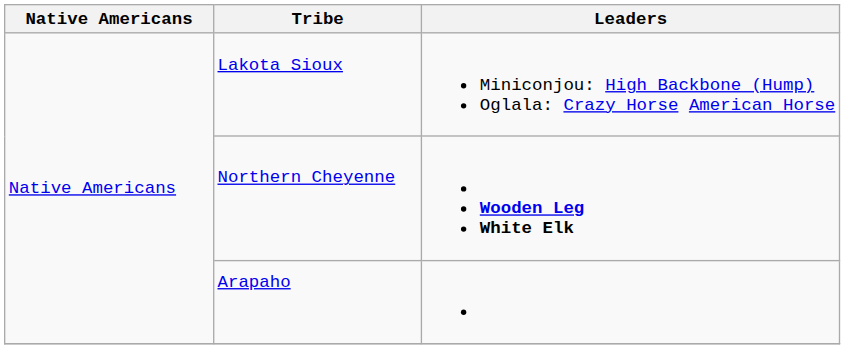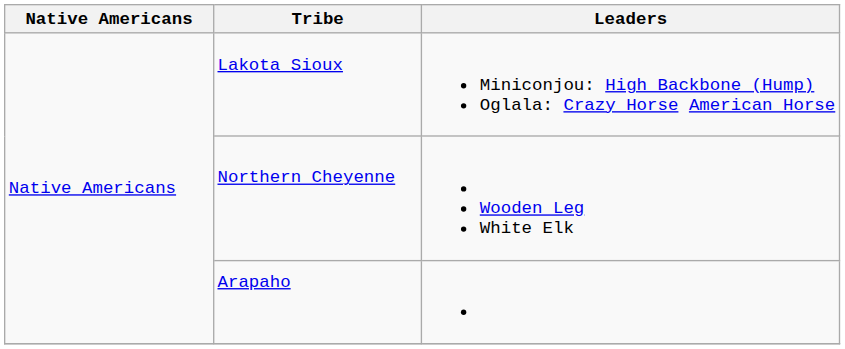 <table class="wikitable">
 <tr>
 <th width=25%>Native Americans</th>
 <th width=25%>Tribe</th>
 <th>Leaders</th>
 </tr>
 <tr>
 <td rowspan=3><br><a href='#'>Native Americans</a><br>    </td>
 <td><a href='#'>Lakota Sioux</a><br><br>  </td>
 <td><br><ul><li>Miniconjou: <a href='#'>High Backbone (Hump)</a></li><li>Oglala: <a href='#'>Crazy Horse</a> <a href='#'>American Horse</a></li></ul></td>
 </tr>
 <tr>
 <td><a href='#'>Northern Cheyenne</a><br><br>  </td>
-<td><strong><br><ul><li></li><li><a href='#'>Wooden Leg</a></li><li>White Elk</li></ul></strong></td>
+<td><br><ul><li></li><li><a href='#'>Wooden Leg</a></li><li>White Elk</li></ul></td>
 </tr>
 <tr>
 <td><a href='#'>Arapaho</a><br><br>  </td>
 <td><br><ul><li></li></ul></td>
 </tr>
 <tr>
 </tr>
 </table>
